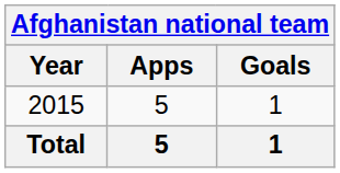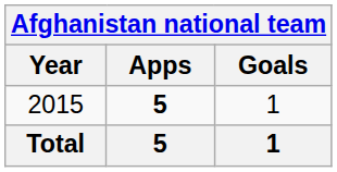 <table class="wikitable" style="text-align:center">
 <tr>
 <th colspan=3><a href='#'>Afghanistan national team</a></th>
 </tr>
 <tr>
 <th>Year</th>
 <th>Apps</th>
 <th>Goals</th>
 </tr>
 <tr>
 <td>2015</td>
-<td>5</td>
+<td><strong>5</strong></td>
 <td>1</td>
 </tr>
 <tr>
 <th>Total</th>
 <th>5</th>
 <th>1</th>
 </tr>
 </table>
